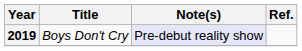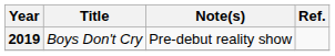 <table class="wikitable plainrowheaders">
 <tr>
 <th scope="col">Year</th>
 <th scope="col">Title</th>
 <th scope="col">Note(s)</th>
 <th scope="col" class="unsortable">Ref.</th>
 </tr>
 <tr>
 <th scope="row">2019</th>
 <td><em>Boys Don't Cry</em></td>
-<td style="background: lavender;">Pre-debut reality show</td>
+<td>Pre-debut reality show</td>
 <td></td>
 </tr>
 <tr>
 </tr>
 </table>
